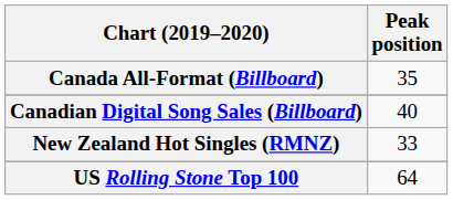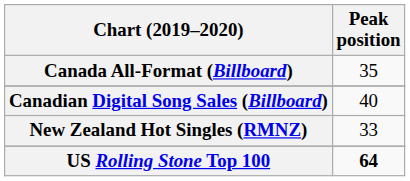 <table class="wikitable sortable plainrowheaders" style="text-align:center">
 <tr>
 <th>Chart (2019–2020)</th>
 <th>Peak<br>position</th>
 </tr>
 <tr>
 <th scope="row">Canada All-Format (<em><a href='#'>Billboard</a></em>)</th>
 <td>35</td>
 </tr>
 <tr>
 </tr>
 <tr>
 <th scope="row">Canadian <a href='#'>Digital Song Sales</a> (<em><a href='#'>Billboard</a></em>)</th>
 <td>40</td>
 </tr>
 <tr>
 <th scope="row">New Zealand Hot Singles (<a href='#'>RMNZ</a>)</th>
 <td>33</td>
 </tr>
 <tr>
 </tr>
 <tr>
 </tr>
 <tr>
 </tr>
 <tr>
 <th scope="row">US <a href='#'><em>Rolling Stone</em> Top 100</a></th>
-<td>64</td>
+<td><strong>64</strong></td>
 </tr>
 </table>
